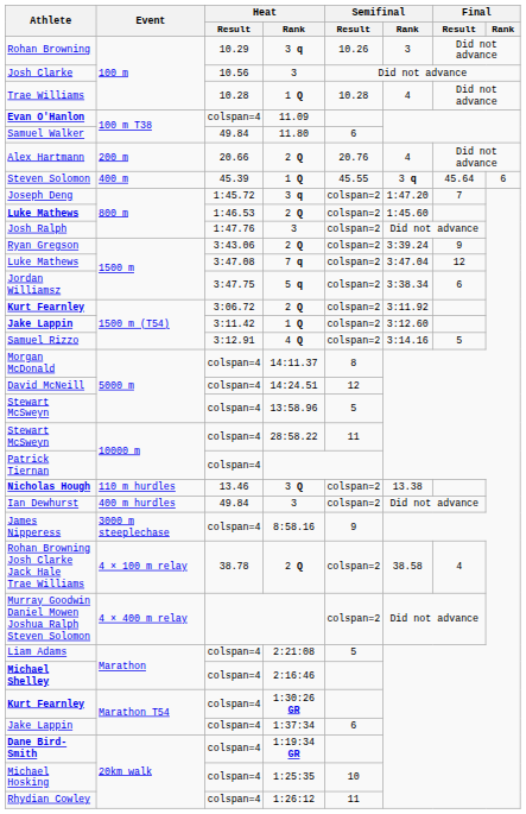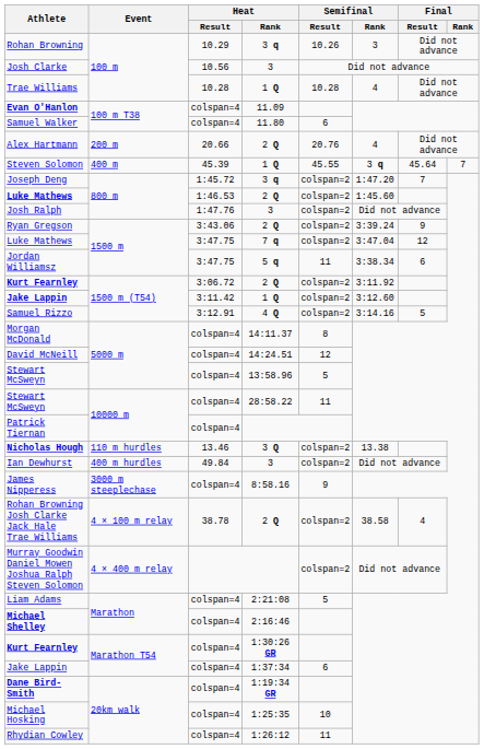 <table class=wikitable style=font-size:90%;text-align:center>
 <tr>
 <th rowspan=2>Athlete</th>
 <th rowspan=2>Event</th>
 <th colspan=2>Heat</th>
 <th colspan=2>Semifinal</th>
 <th colspan=2>Final</th>
 </tr>
 <tr style=font-size:95%>
 <th>Result</th>
 <th>Rank</th>
 <th>Result</th>
 <th>Rank</th>
 <th>Result</th>
 <th>Rank</th>
 </tr>
 <tr>
 <td align=left><a href='#'>Rohan Browning</a></td>
 <td align=left rowspan=3><a href='#'>100 m</a></td>
 <td>10.29</td>
 <td>3 <strong>q</strong></td>
 <td>10.26</td>
 <td>3</td>
 <td colspan=2>Did not advance</td>
 </tr>
 <tr>
 <td align=left><a href='#'>Josh Clarke</a></td>
 <td>10.56</td>
 <td>3</td>
 <td colspan=4>Did not advance</td>
 </tr>
 <tr>
 <td align=left><a href='#'>Trae Williams</a></td>
 <td>10.28</td>
 <td>1 <strong>Q</strong></td>
 <td>10.28</td>
 <td>4</td>
 <td colspan=2>Did not advance</td>
 </tr>
 <tr>
 <td align=left><strong><a href='#'>Evan O'Hanlon</a></strong></td>
 <td align=left rowspan=2><a href='#'>100 m T38</a></td>
 <td>colspan=4 </td>
 <td>11.09</td>
 <td></td>
 </tr>
 <tr>
 <td align=left><a href='#'>Samuel Walker</a></td>
-<td>49.84</td>
+<td>colspan=4 </td>
 <td>11.80</td>
 <td>6</td>
 </tr>
 <tr>
 <td align=left><a href='#'>Alex Hartmann</a></td>
 <td align=left><a href='#'>200 m</a></td>
 <td>20.66</td>
 <td>2 <strong>Q</strong></td>
 <td>20.76</td>
 <td>4</td>
 <td colspan=2>Did not advance</td>
 </tr>
 <tr>
 <td align=left><a href='#'>Steven Solomon</a></td>
 <td align=left><a href='#'>400 m</a></td>
 <td>45.39</td>
 <td>1 <strong>Q</strong></td>
 <td>45.55</td>
 <td>3 <strong>q</strong></td>
 <td>45.64</td>
-<td>6</td>
+<td>7</td>
 </tr>
 <tr>
 <td align=left><a href='#'>Joseph Deng</a></td>
 <td align=left rowspan=3><a href='#'>800 m</a></td>
 <td>1:45.72</td>
 <td>3 <strong>q</strong></td>
 <td>colspan=2 </td>
 <td>1:47.20</td>
 <td>7</td>
 </tr>
 <tr>
 <td align=left><strong><a href='#'>Luke Mathews</a></strong></td>
 <td>1:46.53</td>
 <td>2 <strong>Q</strong></td>
 <td>colspan=2 </td>
 <td>1:45.60</td>
 <td></td>
 </tr>
 <tr>
 <td align=left><a href='#'>Josh Ralph</a></td>
 <td>1:47.76</td>
 <td>3</td>
 <td>colspan=2 </td>
 <td colspan=2>Did not advance</td>
 </tr>
 <tr>
 <td align=left><a href='#'>Ryan Gregson</a></td>
 <td align=left rowspan=3><a href='#'>1500 m</a></td>
 <td>3:43.06</td>
 <td>2 <strong>Q</strong></td>
 <td>colspan=2 </td>
 <td>3:39.24</td>
 <td>9</td>
 </tr>
 <tr>
 <td align=left><a href='#'>Luke Mathews</a></td>
-<td>3:47.08</td>
+<td>3:47.75</td>
 <td>7 <strong>q</strong></td>
 <td>colspan=2 </td>
 <td>3:47.04</td>
 <td>12</td>
 </tr>
 <tr>
 <td align=left><a href='#'>Jordan Williamsz</a></td>
 <td>3:47.75</td>
 <td>5 <strong>q</strong></td>
-<td>colspan=2 </td>
+<td>11</td>
 <td>3:38.34</td>
 <td>6</td>
 </tr>
 <tr>
 <td align=left><strong><a href='#'>Kurt Fearnley</a></strong></td>
 <td align=left rowspan=3><a href='#'>1500 m (T54)</a></td>
 <td>3:06.72</td>
 <td>2 <strong>Q</strong></td>
 <td>colspan=2 </td>
 <td>3:11.92</td>
 <td></td>
 </tr>
 <tr>
 <td align=left><strong><a href='#'>Jake Lappin</a></strong></td>
 <td>3:11.42</td>
 <td>1 <strong>Q</strong></td>
 <td>colspan=2 </td>
 <td>3:12.60</td>
 <td></td>
 </tr>
 <tr>
 <td align=left><a href='#'>Samuel Rizzo</a></td>
 <td>3:12.91</td>
 <td>4 <strong>Q</strong></td>
 <td>colspan=2 </td>
 <td>3:14.16</td>
 <td>5</td>
 </tr>
 <tr>
 <td align=left><a href='#'>Morgan McDonald</a></td>
 <td align=left rowspan=3><a href='#'>5000 m</a></td>
 <td>colspan=4 </td>
 <td>14:11.37</td>
 <td>8</td>
 </tr>
 <tr>
 <td align=left><a href='#'>David McNeill</a></td>
 <td>colspan=4 </td>
 <td>14:24.51</td>
 <td>12</td>
 </tr>
 <tr>
 <td align=left><a href='#'>Stewart McSweyn</a></td>
 <td>colspan=4 </td>
 <td>13:58.96</td>
 <td>5</td>
 </tr>
 <tr>
 <td align=left><a href='#'>Stewart McSweyn</a></td>
 <td align=left rowspan=2><a href='#'>10000 m</a></td>
 <td>colspan=4 </td>
 <td>28:58.22</td>
 <td>11</td>
 </tr>
 <tr>
 <td align=left><a href='#'>Patrick Tiernan</a></td>
 <td>colspan=4 </td>
 <td colspan=2></td>
 </tr>
 <tr>
 <td align=left><strong><a href='#'>Nicholas Hough</a></strong></td>
 <td align=left><a href='#'>110 m hurdles</a></td>
 <td>13.46</td>
 <td>3 <strong>Q</strong></td>
 <td>colspan=2 </td>
 <td>13.38</td>
 <td></td>
 </tr>
 <tr>
 <td align=left><a href='#'>Ian Dewhurst</a></td>
 <td align=left><a href='#'>400 m hurdles</a></td>
 <td>49.84</td>
 <td>3</td>
 <td>colspan=2 </td>
 <td colspan=2>Did not advance</td>
 </tr>
 <tr>
 <td align=left><a href='#'>James Nipperess</a></td>
 <td align=left><a href='#'>3000 m steeplechase</a></td>
 <td>colspan=4 </td>
 <td>8:58.16</td>
 <td>9</td>
 </tr>
 <tr>
 <td align=left><a href='#'>Rohan Browning</a><br><a href='#'>Josh Clarke</a><br><a href='#'>Jack Hale</a><br><a href='#'>Trae Williams</a></td>
 <td align=left><a href='#'>4 × 100 m relay</a></td>
 <td>38.78</td>
 <td>2 <strong>Q</strong></td>
 <td>colspan=2 </td>
 <td>38.58</td>
 <td>4</td>
 </tr>
 <tr>
 <td align=left><a href='#'>Murray Goodwin</a><br><a href='#'>Daniel Mowen</a><br><a href='#'>Joshua Ralph</a><br><a href='#'>Steven Solomon</a></td>
 <td align=left><a href='#'>4 × 400 m relay</a></td>
 <td colspan=2></td>
 <td>colspan=2 </td>
 <td colspan=2>Did not advance</td>
 </tr>
 <tr>
 <td align=left><a href='#'>Liam Adams</a></td>
 <td align=left rowspan=2><a href='#'>Marathon</a></td>
 <td>colspan=4 </td>
 <td>2:21:08</td>
 <td>5</td>
 </tr>
 <tr>
 <td align=left><strong><a href='#'>Michael Shelley</a></strong></td>
 <td>colspan=4 </td>
 <td>2:16:46</td>
 <td></td>
 </tr>
 <tr>
 <td align=left><strong><a href='#'>Kurt Fearnley</a></strong></td>
 <td align=left rowspan=2><a href='#'>Marathon T54</a></td>
 <td>colspan=4 </td>
 <td>1:30:26 <a href='#'><strong>GR</strong></a></td>
 <td></td>
 </tr>
 <tr>
 <td align=left><a href='#'>Jake Lappin</a></td>
 <td>colspan=4 </td>
 <td>1:37:34</td>
 <td>6</td>
 </tr>
 <tr>
 <td align=left><strong><a href='#'>Dane Bird-Smith</a></strong></td>
 <td align=left rowspan=3><a href='#'>20km walk</a></td>
 <td>colspan=4 </td>
 <td>1:19:34 <a href='#'><strong>GR</strong></a></td>
 <td></td>
 </tr>
 <tr>
 <td align=left><a href='#'>Michael Hosking</a></td>
 <td>colspan=4 </td>
 <td>1:25:35</td>
 <td>10</td>
 </tr>
 <tr>
 <td align=left><a href='#'>Rhydian Cowley</a></td>
 <td>colspan=4 </td>
 <td>1:26:12</td>
 <td>11</td>
 </tr>
 </table>
